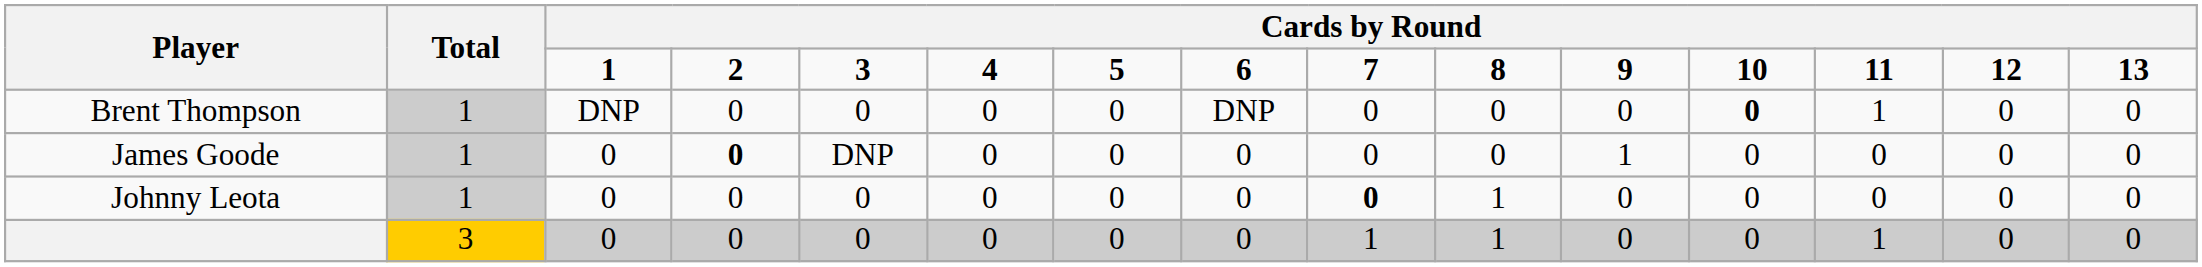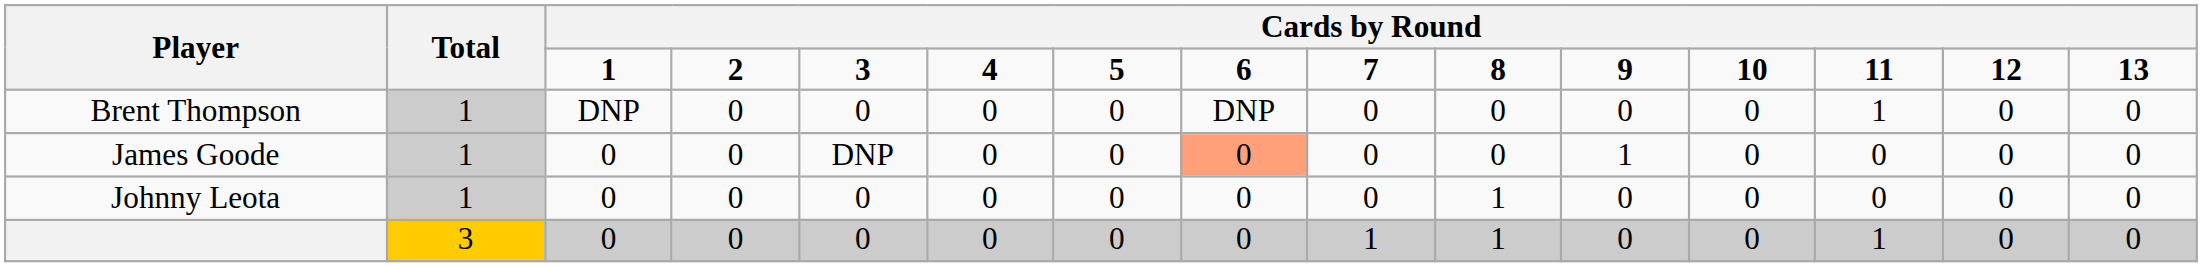 <table class="wikitable" style="text-align:center; line-height: 90%; font-size:90%;" width=80%>
 <tr>
 <th rowspan=2 width=12%>Player</th>
 <th rowspan=2 width=5%>Total</th>
 <th colspan=13>Cards by Round</th>
 </tr>
 <tr>
 <td width=4%><strong>1</strong></td>
 <td width=4%><strong>2</strong></td>
 <td width=4%><strong>3</strong></td>
 <td width=4%><strong>4</strong></td>
 <td width=4%><strong>5</strong></td>
 <td width=4%><strong>6</strong></td>
 <td width=4%><strong>7</strong></td>
 <td width=4%><strong>8</strong></td>
 <td width=4%><strong>9</strong></td>
 <td width=4%><strong>10</strong></td>
 <td width=4%><strong>11</strong></td>
 <td width=4%><strong>12</strong></td>
 <td width=4%><strong>13</strong></td>
 </tr>
 <tr>
 <td>Brent Thompson</td>
 <td bgcolor=#cccccc>1</td>
 <td>DNP</td>
 <td>0</td>
 <td>0</td>
 <td>0</td>
 <td>0</td>
 <td>DNP</td>
 <td>0</td>
 <td>0</td>
 <td>0</td>
-<td><strong>0</strong></td>
+<td>0</td>
 <td>1</td>
 <td>0</td>
 <td>0</td>
 </tr>
 <tr>
 <td>James Goode</td>
 <td bgcolor=#cccccc>1</td>
 <td>0</td>
-<td><strong>0</strong></td>
+<td>0</td>
 <td>DNP</td>
 <td>0</td>
 <td>0</td>
-<td>0</td>
+<td style="background: lightsalmon;">0</td>
 <td>0</td>
 <td>0</td>
 <td>1</td>
 <td>0</td>
 <td>0</td>
 <td>0</td>
 <td>0</td>
 </tr>
 <tr>
 <td>Johnny Leota</td>
 <td bgcolor=#cccccc>1</td>
 <td>0</td>
 <td>0</td>
 <td>0</td>
 <td>0</td>
 <td>0</td>
 <td>0</td>
-<td><strong>0</strong></td>
+<td>0</td>
 <td>1</td>
 <td>0</td>
 <td>0</td>
 <td>0</td>
 <td>0</td>
 <td>0</td>
 </tr>
 <tr>
 <th></th>
 <td bgcolor=#ffcc00>3</td>
 <td bgcolor=#cccccc>0</td>
 <td bgcolor=#cccccc>0</td>
 <td bgcolor=#cccccc>0</td>
 <td bgcolor=#cccccc>0</td>
 <td bgcolor=#cccccc>0</td>
 <td bgcolor=#cccccc>0</td>
 <td bgcolor=#cccccc>1</td>
 <td bgcolor=#cccccc>1</td>
 <td bgcolor=#cccccc>0</td>
 <td bgcolor=#cccccc>0</td>
 <td bgcolor=#cccccc>1</td>
 <td bgcolor=#cccccc>0</td>
 <td bgcolor=#cccccc>0</td>
 </tr>
 </table>
